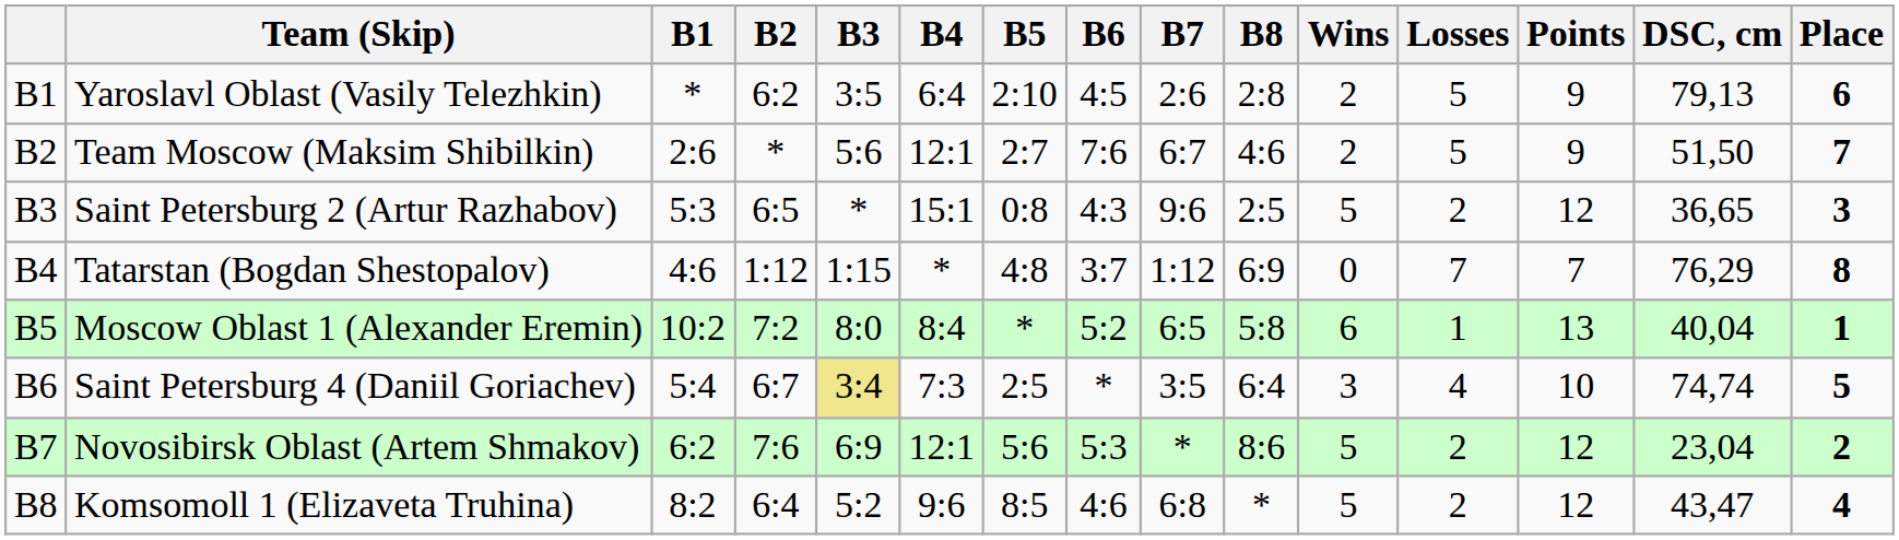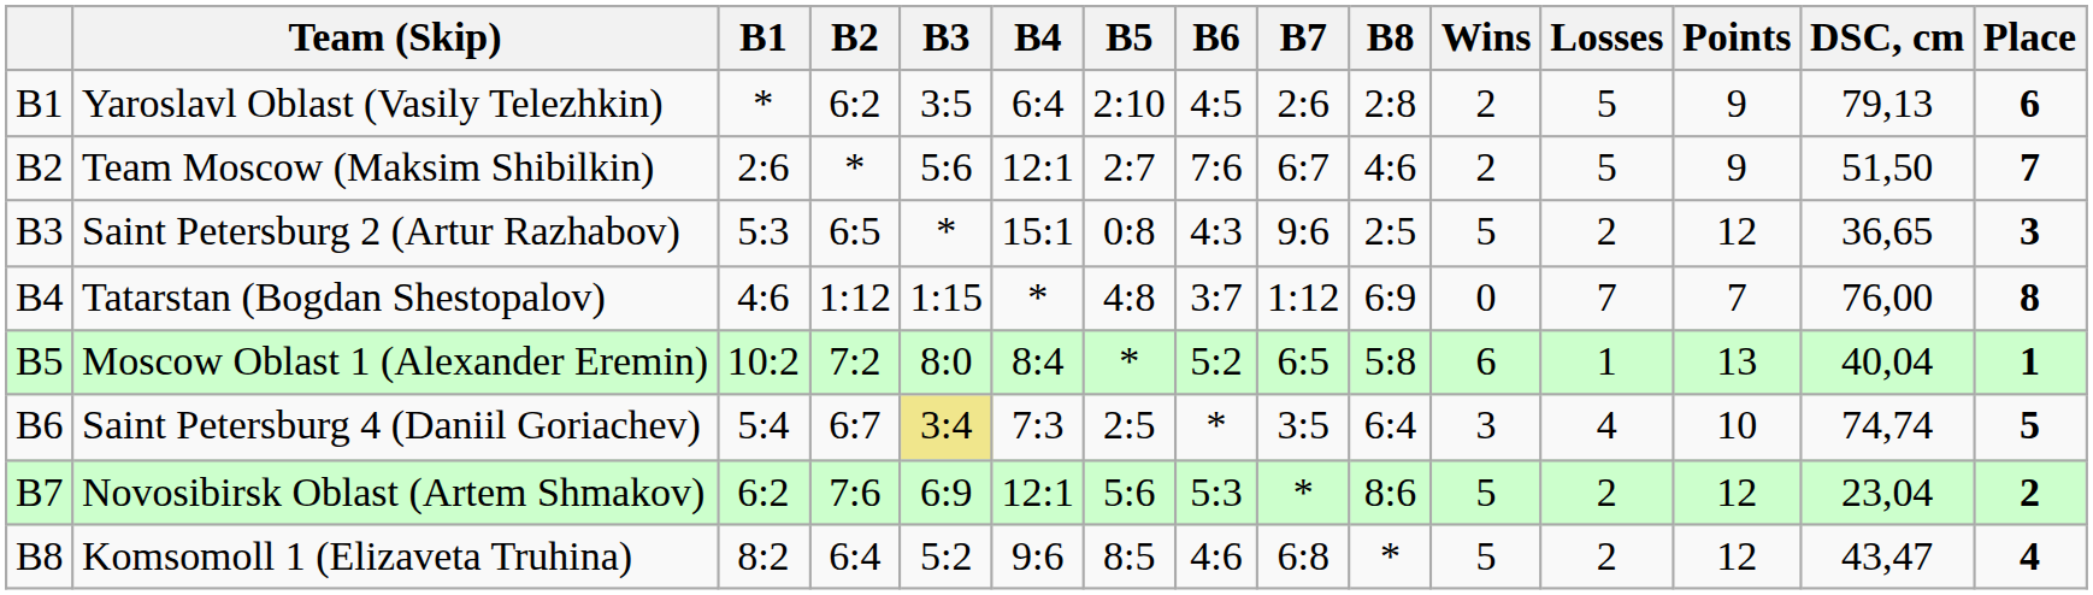 <table class="wikitable" style="text-align:center;">
 <tr>
 <th></th>
 <th>Team (Skip)</th>
 <th width="25">B1</th>
 <th width="25">B2</th>
 <th width="25">B3</th>
 <th width="25">B4</th>
 <th width="25">B5</th>
 <th width="25">B6</th>
 <th width="25">B7</th>
 <th width="25">B8</th>
 <th>Wins</th>
 <th>Losses</th>
 <th>Points</th>
 <th>DSC, cm</th>
 <th>Place</th>
 </tr>
 <tr>
 <td>B1</td>
 <td align=left>Yaroslavl Oblast (Vasily Telezhkin)</td>
 <td>*</td>
 <td>6:2</td>
 <td>3:5</td>
 <td>6:4</td>
 <td>2:10</td>
 <td>4:5</td>
 <td>2:6</td>
 <td>2:8</td>
 <td>2</td>
 <td>5</td>
 <td>9</td>
 <td>79,13</td>
 <td><strong>6</strong></td>
 </tr>
 <tr>
 <td>B2</td>
 <td align=left>Team Moscow (Maksim Shibilkin)</td>
 <td>2:6</td>
 <td>*</td>
 <td>5:6</td>
 <td>12:1</td>
 <td>2:7</td>
 <td>7:6</td>
 <td>6:7</td>
 <td>4:6</td>
 <td>2</td>
 <td>5</td>
 <td>9</td>
 <td>51,50</td>
 <td><strong>7</strong></td>
 </tr>
 <tr>
 <td>B3</td>
 <td align=left>Saint Petersburg 2 (Artur Razhabov)</td>
 <td>5:3</td>
 <td>6:5</td>
 <td>*</td>
 <td>15:1</td>
 <td>0:8</td>
 <td>4:3</td>
 <td>9:6</td>
 <td>2:5</td>
 <td>5</td>
 <td>2</td>
 <td>12</td>
 <td>36,65</td>
 <td><strong>3</strong></td>
 </tr>
 <tr>
 <td>B4</td>
 <td align=left>Tatarstan (Bogdan Shestopalov)</td>
 <td>4:6</td>
 <td>1:12</td>
 <td>1:15</td>
 <td>*</td>
 <td>4:8</td>
 <td>3:7</td>
 <td>1:12</td>
 <td>6:9</td>
 <td>0</td>
 <td>7</td>
 <td>7</td>
-<td>76,29</td>
+<td>76,00</td>
 <td><strong>8</strong></td>
 </tr>
 <tr bgcolor=#cfc>
 <td>B5</td>
 <td align=left>Moscow Oblast 1 (Alexander Eremin)</td>
 <td>10:2</td>
 <td>7:2</td>
 <td>8:0</td>
 <td>8:4</td>
 <td>*</td>
 <td>5:2</td>
 <td>6:5</td>
 <td>5:8</td>
 <td>6</td>
 <td>1</td>
 <td>13</td>
 <td>40,04</td>
 <td><strong>1</strong></td>
 </tr>
 <tr>
 <td>B6</td>
 <td align=left>Saint Petersburg 4 (Daniil Goriachev)</td>
 <td>5:4</td>
 <td>6:7</td>
 <td style="background: khaki;">3:4</td>
 <td>7:3</td>
 <td>2:5</td>
 <td>*</td>
 <td>3:5</td>
 <td>6:4</td>
 <td>3</td>
 <td>4</td>
 <td>10</td>
 <td>74,74</td>
 <td><strong>5</strong></td>
 </tr>
 <tr bgcolor=#cfc>
 <td>B7</td>
 <td align=left>Novosibirsk Oblast (Artem Shmakov)</td>
 <td>6:2</td>
 <td>7:6</td>
 <td>6:9</td>
 <td>12:1</td>
 <td>5:6</td>
 <td>5:3</td>
 <td>*</td>
 <td>8:6</td>
 <td>5</td>
 <td>2</td>
 <td>12</td>
 <td>23,04</td>
 <td><strong>2</strong></td>
 </tr>
 <tr>
 <td>B8</td>
 <td align=left>Komsomoll 1 (Elizaveta Truhina)</td>
 <td>8:2</td>
 <td>6:4</td>
 <td>5:2</td>
 <td>9:6</td>
 <td>8:5</td>
 <td>4:6</td>
 <td>6:8</td>
 <td>*</td>
 <td>5</td>
 <td>2</td>
 <td>12</td>
 <td>43,47</td>
 <td><strong>4</strong></td>
 </tr>
 </table>
